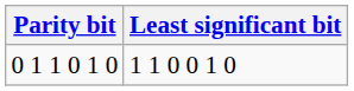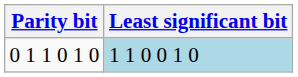 <table class="wikitable">
 <tr>
 <th><a href='#'>Parity bit</a></th>
 <th><a href='#'>Least significant bit</a></th>
 </tr>
 <tr>
 <td>0 1 1 0 1 0</td>
-<td>1 1 0 0 1 0</td>
+<td style="background: lightblue;">1 1 0 0 1 0</td>
 </tr>
 </table>
